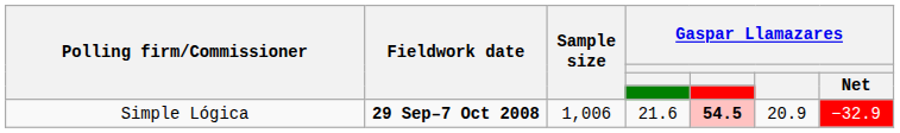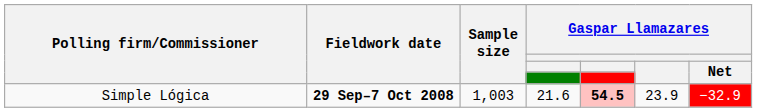 <table class="wikitable collapsible collapsed" style="text-align:center; font-size:90%; line-height:14px;">
 <tr style="height:42px;">
 <th style="width:250px;" rowspan="4">Polling firm/Commissioner</th>
 <th style="width:125px;" rowspan="4">Fieldwork date</th>
 <th style="width:50px;" rowspan="4">Sample size</th>
 <th style="width:185px;" colspan="4"><a href='#'>Gaspar Llamazares</a><br></th>
 </tr>
 <tr>
 <th colspan="4" style="background:"></th>
 </tr>
 <tr>
 <th style="width:30px;"></th>
 <th style="width:30px;"></th>
 <th style="width:30px;" rowspan="2"></th>
 <th style="width:30px;" rowspan="2">Net</th>
 </tr>
 <tr>
 <th style="color:inherit;background:#008000;"></th>
 <th style="color:inherit;background:#FF0000;"></th>
 </tr>
 <tr>
 <td>Simple Lógica</td>
 <td><strong>29 Sep–7 Oct 2008</strong></td>
-<td>1,006</td>
+<td>1,003</td>
 <td>21.6</td>
 <td style="background:#FFC2C1;"><strong>54.5</strong></td>
-<td>20.9</td>
+<td>23.9</td>
 <td style="background:#FF0000; color:white;">−32.9</td>
 </tr>
 </table>
